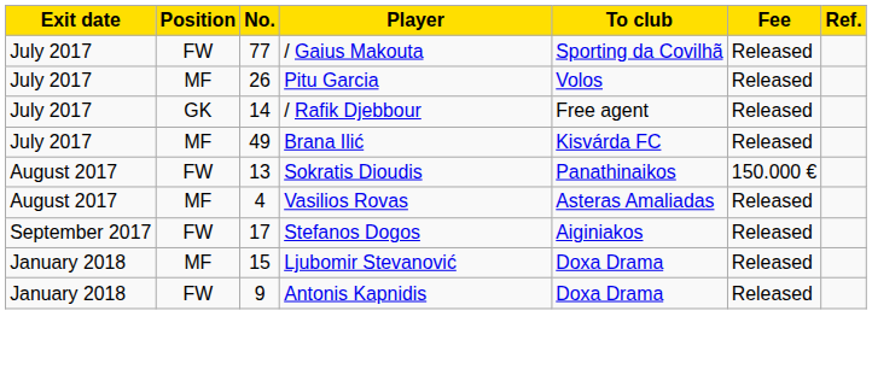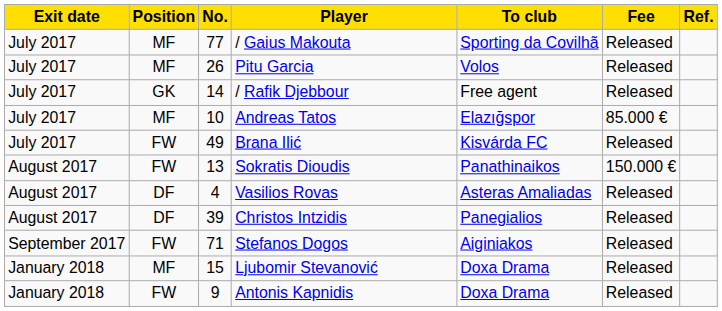 <table class="wikitable sortable">
 <tr>
 <th style="background:#FFDF00; color:black;"><strong>Exit date</strong></th>
 <th style="background:#FFDF00; color:black;"><strong>Position</strong></th>
 <th style="background:#FFDF00; color:black;"><strong>No.</strong></th>
 <th style="background:#FFDF00; color:black;"; width=220><strong>Player</strong></th>
 <th style="background:#FFDF00; color:black;"><strong>To club</strong></th>
 <th style="background:#FFDF00; color:black;"><strong>Fee</strong></th>
 <th style="background:#FFDF00; color:black;"><strong>Ref.</strong></th>
 </tr>
 <tr>
 <td>July 2017</td>
-<td style="text-align:center;">FW</td>
+<td style="text-align:center;">MF</td>
 <td style="text-align:center;">77</td>
 <td style="text-align:left;"> /  <a href='#'>Gaius Makouta</a></td>
 <td style="text-align:left;"> <a href='#'>Sporting da Covilhã</a></td>
 <td>Released</td>
 <td></td>
 </tr>
 <tr>
 <td>July 2017</td>
 <td style="text-align:center;">MF</td>
 <td style="text-align:center;">26</td>
 <td style="text-align:left;"> <a href='#'>Pitu Garcia</a></td>
 <td style="text-align:left;"> <a href='#'>Volos</a></td>
 <td>Released</td>
 <td></td>
 </tr>
 <tr>
 <td>July 2017</td>
 <td style="text-align:center;">GK</td>
 <td style="text-align:center;">14</td>
 <td style="text-align:left;"> /  <a href='#'>Rafik Djebbour</a></td>
 <td style="text-align:left;">Free agent</td>
 <td>Released</td>
 <td></td>
 </tr>
 <tr>
 <td>July 2017</td>
 <td style="text-align:center;">MF</td>
+<td style="text-align:center;">10</td>
+<td style="text-align:left;"> <a href='#'>Andreas Tatos</a></td>
+<td style="text-align:left;"> <a href='#'>Elazığspor</a></td>
+<td>85.000 €</td>
+<td></td>
+</tr>
+<tr>
+<td>July 2017</td>
+<td style="text-align:center;">FW</td>
 <td style="text-align:center;">49</td>
 <td style="text-align:left;"> <a href='#'>Brana Ilić</a></td>
 <td style="text-align:left;"> <a href='#'>Kisvárda FC</a></td>
 <td>Released</td>
 <td></td>
 </tr>
 <tr>
 <td>August 2017</td>
 <td style="text-align:center;">FW</td>
 <td style="text-align:center;">13</td>
 <td style="text-align:left;"> <a href='#'>Sokratis Dioudis</a></td>
 <td style="text-align:left;"> <a href='#'>Panathinaikos</a></td>
 <td>150.000 €</td>
 <td></td>
 </tr>
 <tr>
 <td>August 2017</td>
-<td style="text-align:center;">MF</td>
+<td style="text-align:center;">DF</td>
 <td style="text-align:center;">4</td>
 <td style="text-align:left;"> <a href='#'>Vasilios Rovas</a></td>
 <td style="text-align:left;"> <a href='#'>Asteras Amaliadas</a></td>
 <td>Released</td>
 <td></td>
 </tr>
 <tr>
+<td>August 2017</td>
+<td style="text-align:center;">DF</td>
+<td style="text-align:center;">39</td>
+<td style="text-align:left;"> <a href='#'>Christos Intzidis</a></td>
+<td style="text-align:left;"> <a href='#'>Panegialios</a></td>
+<td>Released</td>
+<td></td>
+</tr>
+<tr>
 <td>September 2017</td>
 <td style="text-align:center;">FW</td>
-<td style="text-align:center;">17</td>
+<td style="text-align:center;">71</td>
 <td style="text-align:left;"> <a href='#'>Stefanos Dogos</a></td>
 <td style="text-align:left;"> <a href='#'>Aiginiakos</a></td>
 <td>Released</td>
 <td></td>
 </tr>
 <tr>
 <td>January 2018</td>
 <td style="text-align:center;">MF</td>
 <td style="text-align:center;">15</td>
 <td style="text=align:left;"> <a href='#'>Ljubomir Stevanović</a></td>
 <td style="text-align:left;"> <a href='#'>Doxa Drama</a></td>
 <td>Released</td>
 <td></td>
 </tr>
 <tr>
 <td>January 2018</td>
 <td style="text-align:center;">FW</td>
 <td style="text-align:center;">9</td>
 <td style="text=align:left;"> <a href='#'>Antonis Kapnidis</a></td>
 <td style="text=align:left;"> <a href='#'>Doxa Drama</a></td>
 <td>Released</td>
 <td></td>
 </tr>
 </table>
